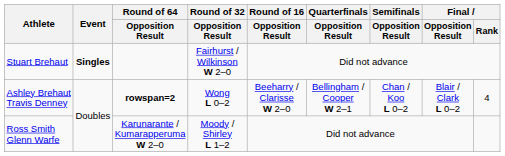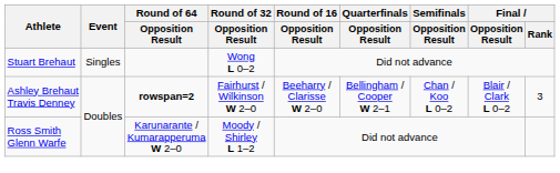 <table class="wikitable" style="font-size:90%;text-align:center">
 <tr>
 <th rowspan=2>Athlete</th>
 <th rowspan=2>Event</th>
 <th>Round of 64</th>
 <th>Round of 32</th>
 <th>Round of 16</th>
 <th>Quarterfinals</th>
 <th>Semifinals</th>
 <th colspan=2>Final / </th>
 </tr>
 <tr style="font-size:95%">
 <th>Opposition<br>Result</th>
 <th>Opposition<br>Result</th>
 <th>Opposition<br>Result</th>
 <th>Opposition<br>Result</th>
 <th>Opposition<br>Result</th>
 <th>Opposition<br>Result</th>
 <th>Rank</th>
 </tr>
 <tr>
 <td align=left><a href='#'>Stuart Brehaut</a></td>
-<td><strong>Singles</strong></td>
+<td>Singles</td>
 <td></td>
-<td> <a href='#'>Fairhurst</a> /<br> <a href='#'>Wilkinson</a> <br> <strong>W</strong> 2–0</td>
+<td> <a href='#'>Wong</a> <br> <strong>L</strong> 0–2</td>
 <td colspan=5>Did not advance</td>
 </tr>
 <tr>
 <td align=left><a href='#'>Ashley Brehaut</a><br><a href='#'>Travis Denney</a></td>
 <td rowspan=2>Doubles</td>
 <td><strong>rowspan=2 </strong></td>
-<td> <a href='#'>Wong</a> <br> <strong>L</strong> 0–2</td>
+<td> <a href='#'>Fairhurst</a> /<br> <a href='#'>Wilkinson</a> <br> <strong>W</strong> 2–0</td>
 <td> <a href='#'>Beeharry</a> /<br> <a href='#'>Clarisse</a> <br> <strong>W</strong> 2–0</td>
 <td> <a href='#'>Bellingham</a> /<br> <a href='#'>Cooper</a> <br> <strong>W</strong> 2–1</td>
 <td> <a href='#'>Chan</a> /<br> <a href='#'>Koo</a> <br> <strong>L</strong> 0–2</td>
 <td> <a href='#'>Blair</a> /<br> <a href='#'>Clark</a> <br> <strong>L</strong> 0–2</td>
-<td>4</td>
+<td>3</td>
 </tr>
 <tr>
 <td align=left><a href='#'>Ross Smith</a><br><a href='#'>Glenn Warfe</a></td>
 <td> <a href='#'>Karunarante</a> / <br> <a href='#'>Kumarapperuma</a> <br> <strong>W</strong> 2–0</td>
 <td> <a href='#'>Moody</a> /<br> <a href='#'>Shirley</a> <br> <strong>L</strong> 1–2</td>
 <td colspan=4>Did not advance</td>
 </tr>
 </table>
